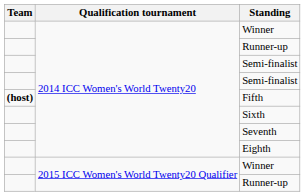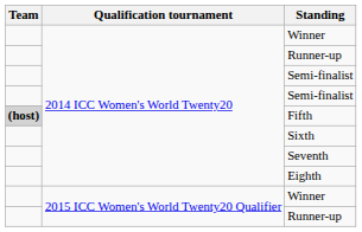 <table class="wikitable sortable">
 <tr>
 <th>Team</th>
 <th>Qualification tournament</th>
 <th>Standing</th>
 </tr>
 <tr>
 <td></td>
 <td rowspan=8><a href='#'>2014 ICC Women's World Twenty20</a></td>
 <td>Winner</td>
 </tr>
 <tr>
 <td></td>
 <td>Runner-up</td>
 </tr>
 <tr>
 <td></td>
 <td>Semi-finalist</td>
 </tr>
 <tr>
 <td></td>
 <td>Semi-finalist</td>
 </tr>
 <tr>
-<td><strong> (host)</strong></td>
+<td style="background: lightgrey;"><strong> (host)</strong></td>
 <td>Fifth</td>
 </tr>
 <tr>
 <td></td>
 <td>Sixth</td>
 </tr>
 <tr>
 <td></td>
 <td>Seventh</td>
 </tr>
 <tr>
 <td></td>
 <td>Eighth</td>
 </tr>
 <tr>
 <td></td>
 <td rowspan=2><a href='#'>2015 ICC Women's World Twenty20 Qualifier</a></td>
 <td>Winner</td>
 </tr>
 <tr>
 <td></td>
 <td>Runner-up</td>
 </tr>
 </table>
